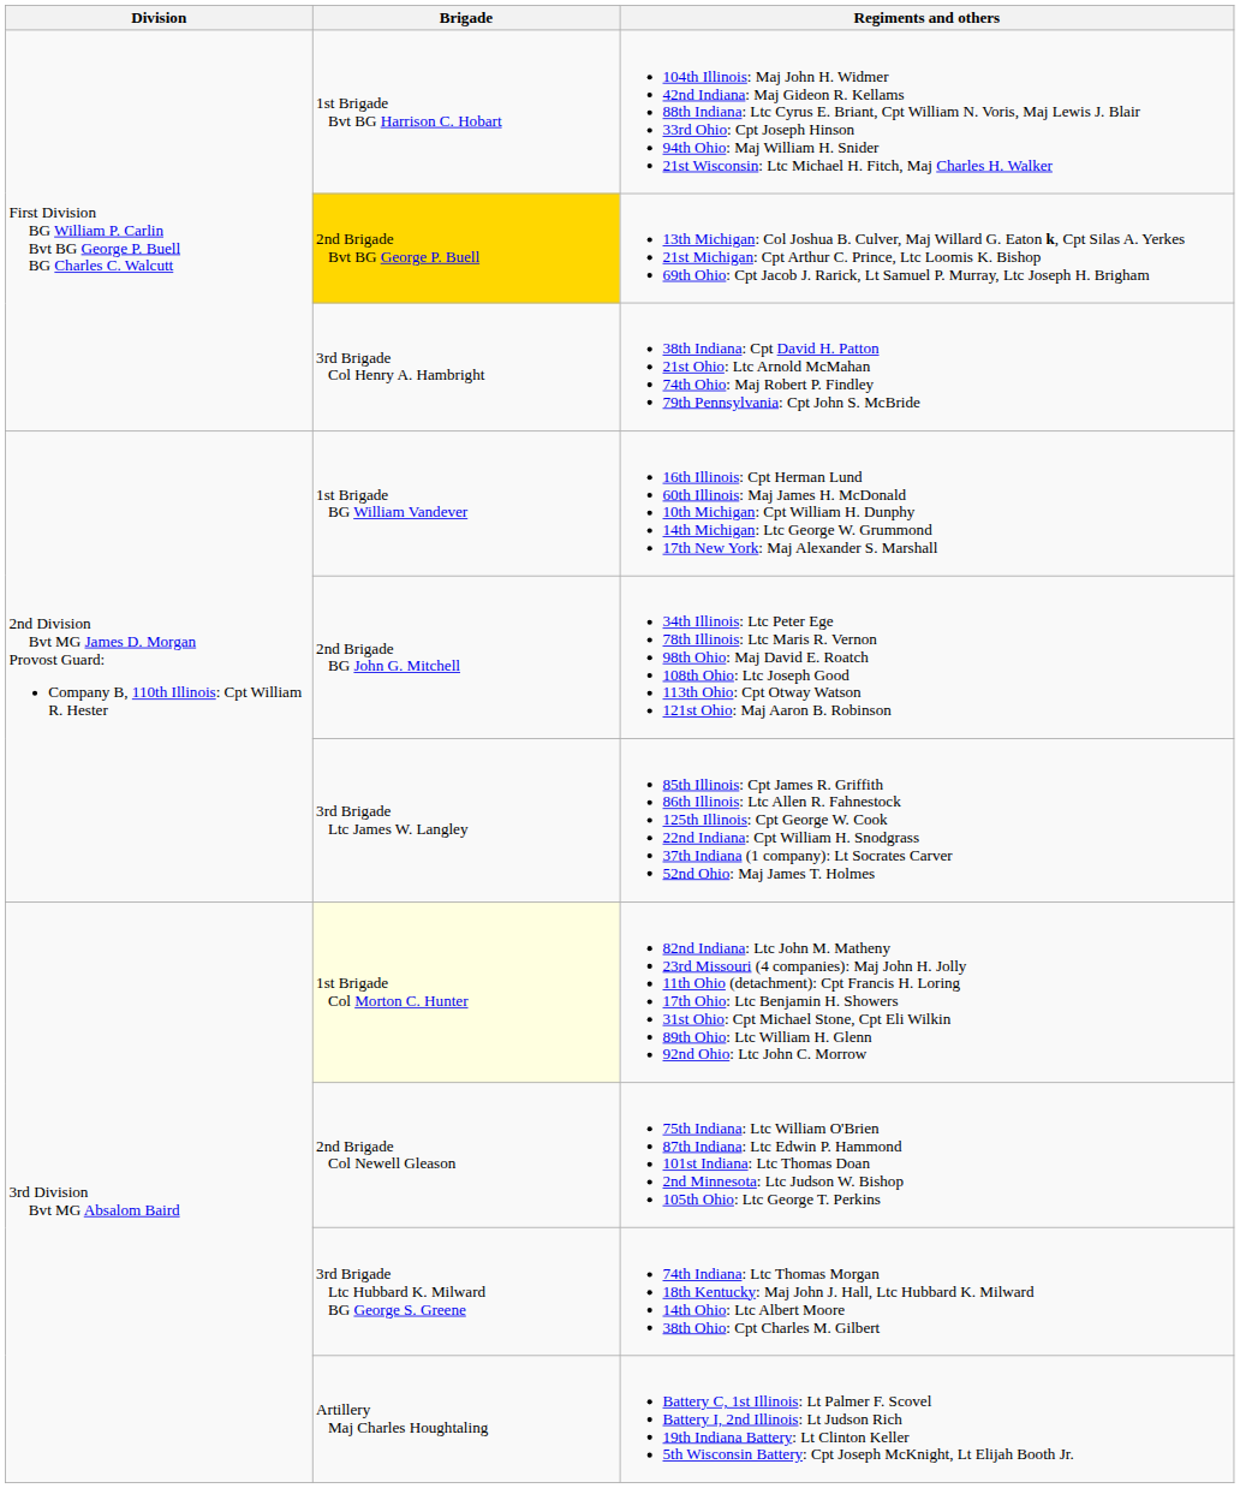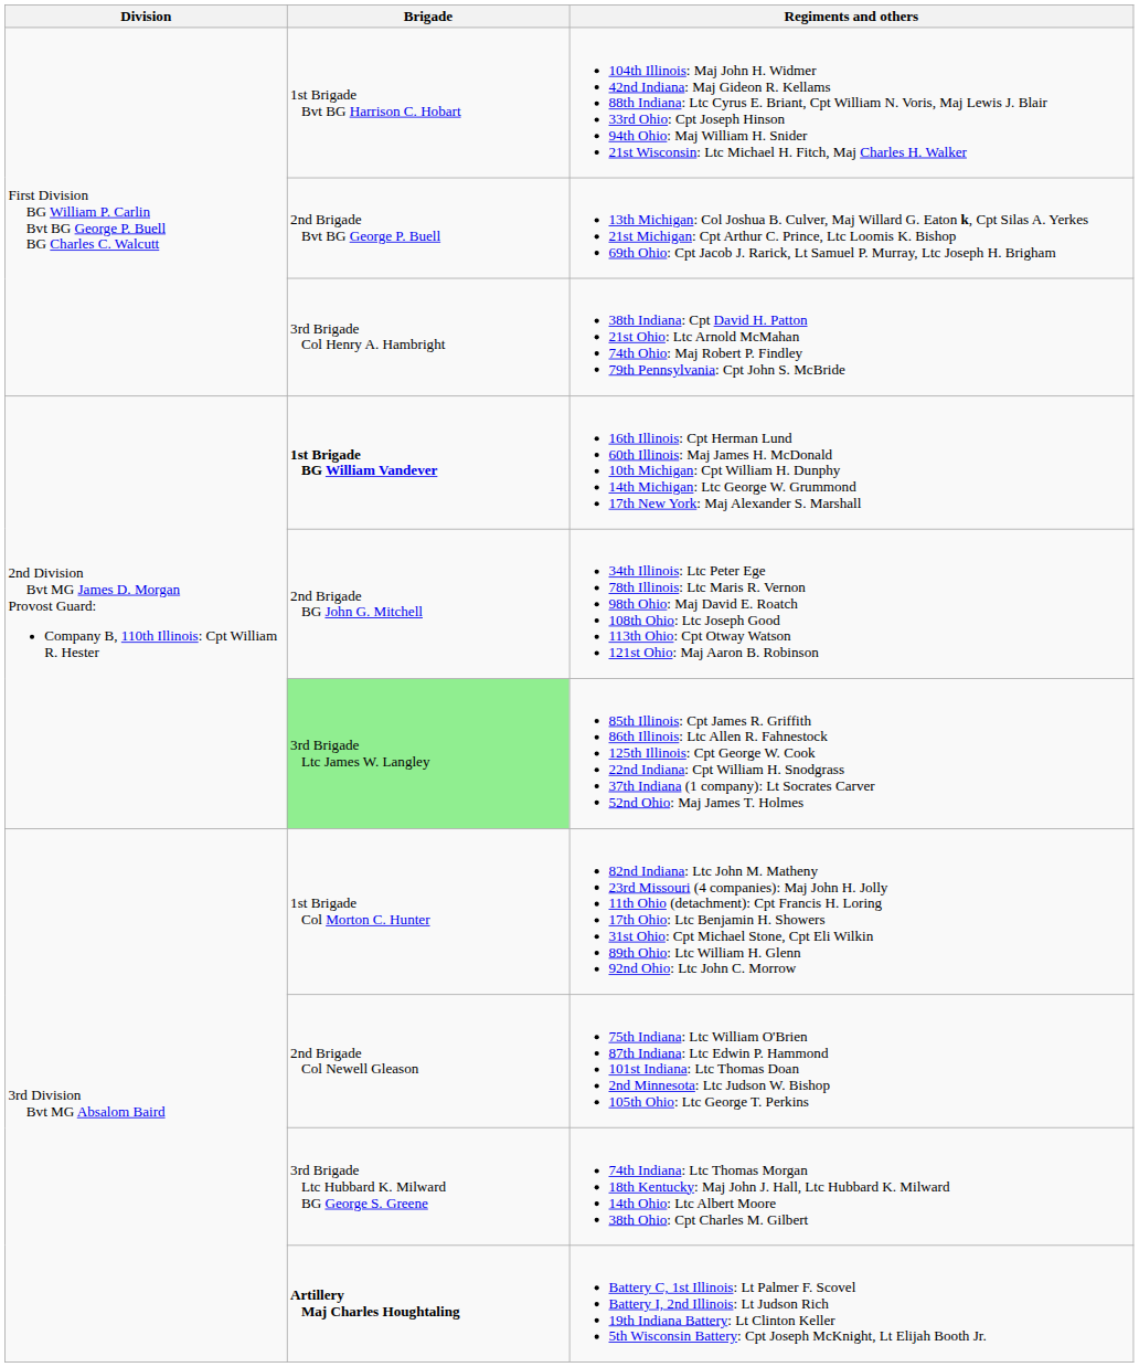 <table class="wikitable">
 <tr>
 <th width=25%>Division</th>
 <th width=25%>Brigade</th>
 <th>Regiments and others</th>
 </tr>
 <tr>
 <td rowspan=3><br>First Division <br>     BG <a href='#'>William P. Carlin</a><br>     Bvt BG <a href='#'>George P. Buell</a><br>     BG <a href='#'>Charles C. Walcutt</a></td>
 <td>1st Brigade<br>   Bvt BG <a href='#'>Harrison C. Hobart</a></td>
 <td><br><ul><li><a href='#'>104th Illinois</a>: Maj John H. Widmer</li><li><a href='#'>42nd Indiana</a>: Maj Gideon R. Kellams</li><li><a href='#'>88th Indiana</a>: Ltc Cyrus E. Briant, Cpt William N. Voris, Maj Lewis J. Blair</li><li><a href='#'>33rd Ohio</a>: Cpt Joseph Hinson</li><li><a href='#'>94th Ohio</a>: Maj William H. Snider</li><li><a href='#'>21st Wisconsin</a>: Ltc Michael H. Fitch, Maj <a href='#'>Charles H. Walker</a></li></ul></td>
 </tr>
 <tr>
-<td style="background: gold;">2nd Brigade<br>   Bvt BG <a href='#'>George P. Buell</a></td>
+<td>2nd Brigade<br>   Bvt BG <a href='#'>George P. Buell</a></td>
 <td><br><ul><li><a href='#'>13th Michigan</a>: Col Joshua B. Culver, Maj Willard G. Eaton <strong>k</strong>, Cpt Silas A. Yerkes</li><li><a href='#'>21st Michigan</a>: Cpt Arthur C. Prince, Ltc Loomis K. Bishop</li><li><a href='#'>69th Ohio</a>: Cpt Jacob J. Rarick, Lt Samuel P. Murray, Ltc Joseph H. Brigham</li></ul></td>
 </tr>
 <tr>
 <td>3rd Brigade<br>   Col Henry A. Hambright</td>
 <td><br><ul><li><a href='#'>38th Indiana</a>: Cpt <a href='#'>David H. Patton</a></li><li><a href='#'>21st Ohio</a>: Ltc Arnold McMahan</li><li><a href='#'>74th Ohio</a>: Maj Robert P. Findley</li><li><a href='#'>79th Pennsylvania</a>: Cpt John S. McBride</li></ul></td>
 </tr>
 <tr>
 <td rowspan=3><br>2nd Division <br>     Bvt MG <a href='#'>James D. Morgan</a><br> Provost Guard:<ul><li>Company B, <a href='#'>110th Illinois</a>: Cpt William R. Hester</li></ul></td>
-<td>1st Brigade<br>   BG <a href='#'>William Vandever</a></td>
+<td><strong>1st Brigade<br>   BG <a href='#'>William Vandever</a></strong></td>
 <td><br><ul><li><a href='#'>16th Illinois</a>: Cpt Herman Lund</li><li><a href='#'>60th Illinois</a>: Maj James H. McDonald</li><li><a href='#'>10th Michigan</a>: Cpt William H. Dunphy</li><li><a href='#'>14th Michigan</a>: Ltc George W. Grummond</li><li><a href='#'>17th New York</a>: Maj Alexander S. Marshall</li></ul></td>
 </tr>
 <tr>
 <td>2nd Brigade<br>   BG <a href='#'>John G. Mitchell</a></td>
 <td><br><ul><li><a href='#'>34th Illinois</a>: Ltc Peter Ege</li><li><a href='#'>78th Illinois</a>: Ltc Maris R. Vernon</li><li><a href='#'>98th Ohio</a>: Maj David E. Roatch</li><li><a href='#'>108th Ohio</a>: Ltc Joseph Good</li><li><a href='#'>113th Ohio</a>: Cpt Otway Watson</li><li><a href='#'>121st Ohio</a>: Maj Aaron B. Robinson</li></ul></td>
 </tr>
 <tr>
-<td>3rd Brigade<br>   Ltc James W. Langley</td>
+<td style="background: lightgreen;">3rd Brigade<br>   Ltc James W. Langley</td>
 <td><br><ul><li><a href='#'>85th Illinois</a>: Cpt James R. Griffith</li><li><a href='#'>86th Illinois</a>: Ltc Allen R. Fahnestock</li><li><a href='#'>125th Illinois</a>: Cpt George W. Cook</li><li><a href='#'>22nd Indiana</a>: Cpt William H. Snodgrass</li><li><a href='#'>37th Indiana</a> (1 company): Lt Socrates Carver</li><li><a href='#'>52nd Ohio</a>: Maj James T. Holmes</li></ul></td>
 </tr>
 <tr>
 <td rowspan=4><br>3rd Division <br>     Bvt MG <a href='#'>Absalom Baird</a></td>
-<td style="background: lightyellow;">1st Brigade<br>   Col <a href='#'>Morton C. Hunter</a></td>
+<td>1st Brigade<br>   Col <a href='#'>Morton C. Hunter</a></td>
 <td><br><ul><li><a href='#'>82nd Indiana</a>: Ltc John M. Matheny</li><li><a href='#'>23rd Missouri</a> (4 companies): Maj John H. Jolly</li><li><a href='#'>11th Ohio</a> (detachment): Cpt Francis H. Loring</li><li><a href='#'>17th Ohio</a>: Ltc Benjamin H. Showers</li><li><a href='#'>31st Ohio</a>: Cpt Michael Stone, Cpt Eli Wilkin</li><li><a href='#'>89th Ohio</a>: Ltc William H. Glenn</li><li><a href='#'>92nd Ohio</a>: Ltc John C. Morrow</li></ul></td>
 </tr>
 <tr>
 <td>2nd Brigade<br>   Col Newell Gleason</td>
 <td><br><ul><li><a href='#'>75th Indiana</a>: Ltc William O'Brien</li><li><a href='#'>87th Indiana</a>: Ltc Edwin P. Hammond</li><li><a href='#'>101st Indiana</a>: Ltc Thomas Doan</li><li><a href='#'>2nd Minnesota</a>: Ltc Judson W. Bishop</li><li><a href='#'>105th Ohio</a>: Ltc George T. Perkins</li></ul></td>
 </tr>
 <tr>
 <td>3rd Brigade<br>   Ltc Hubbard K. Milward<br>   BG <a href='#'>George S. Greene</a></td>
 <td><br><ul><li><a href='#'>74th Indiana</a>: Ltc Thomas Morgan</li><li><a href='#'>18th Kentucky</a>: Maj John J. Hall, Ltc Hubbard K. Milward</li><li><a href='#'>14th Ohio</a>: Ltc Albert Moore</li><li><a href='#'>38th Ohio</a>: Cpt Charles M. Gilbert</li></ul></td>
 </tr>
 <tr>
-<td>Artillery<br>   Maj Charles Houghtaling</td>
+<td><strong>Artillery<br>   Maj Charles Houghtaling</strong></td>
 <td><br><ul><li><a href='#'>Battery C, 1st Illinois</a>: Lt Palmer F. Scovel</li><li><a href='#'>Battery I, 2nd Illinois</a>: Lt Judson Rich</li><li><a href='#'>19th Indiana Battery</a>: Lt Clinton Keller</li><li><a href='#'>5th Wisconsin Battery</a>: Cpt Joseph McKnight, Lt Elijah Booth Jr.</li></ul></td>
 </tr>
 </table>
